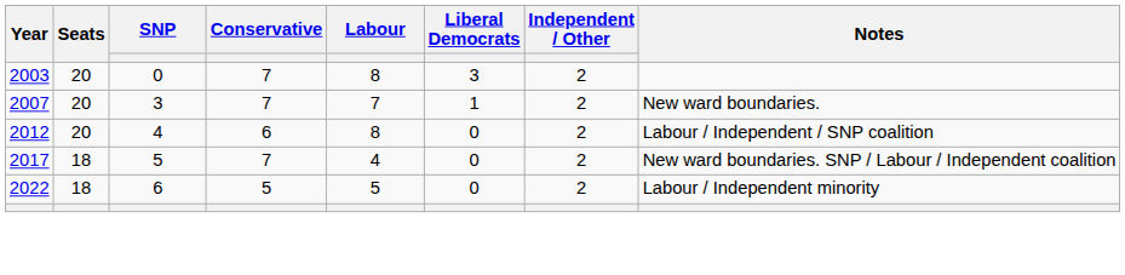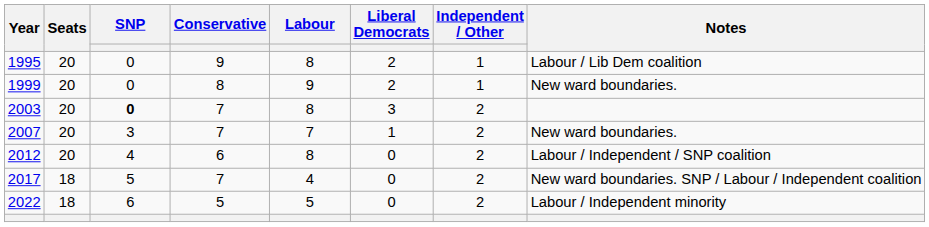 <table class="wikitable" style=text-align:center>
 <tr>
 <th rowspan=2><strong>Year</strong></th>
 <th rowspan=2><strong>Seats</strong></th>
 <th width="80"><a href='#'><strong>SNP</strong></a></th>
 <th width="80"><a href='#'><strong>Conservative</strong></a></th>
 <th width="80"><a href='#'><strong>Labour</strong></a></th>
 <th width="80"><a href='#'><strong>Liberal Democrats</strong></a></th>
 <th width="80"><a href='#'><strong>Independent / Other</strong></a></th>
 <th rowspan=2><strong>Notes</strong></th>
 </tr>
 <tr>
 <th style="background-color: "></th>
 <th style="background-color: "></th>
 <th style="background-color: "></th>
 <th style="background-color: "></th>
 <th style="background-color: "></th>
 </tr>
 <tr>
+<td><a href='#'>1995</a></td>
+<td>20</td>
+<td>0</td>
+<td>9</td>
+<td>8</td>
+<td>2</td>
+<td>1</td>
+<td align=left>Labour / Lib Dem coalition</td>
+</tr>
+<tr>
+<td><a href='#'>1999</a></td>
+<td>20</td>
+<td>0</td>
+<td>8</td>
+<td>9</td>
+<td>2</td>
+<td>1</td>
+<td align=left>New ward boundaries.</td>
+</tr>
+<tr>
 <td><a href='#'>2003</a></td>
 <td>20</td>
-<td>0</td>
+<td><strong>0</strong></td>
 <td>7</td>
 <td>8</td>
 <td>3</td>
 <td>2</td>
 <td align=left></td>
 </tr>
 <tr>
 <td><a href='#'>2007</a></td>
 <td>20</td>
 <td>3</td>
 <td>7</td>
 <td>7</td>
 <td>1</td>
 <td>2</td>
 <td align=left>New ward boundaries.</td>
 </tr>
 <tr>
 <td><a href='#'>2012</a></td>
 <td>20</td>
 <td>4</td>
 <td>6</td>
 <td>8</td>
 <td>0</td>
 <td>2</td>
 <td align=left>Labour / Independent / SNP coalition</td>
 </tr>
 <tr>
 <td><a href='#'>2017</a></td>
 <td>18</td>
 <td>5</td>
 <td>7</td>
 <td>4</td>
 <td>0</td>
 <td>2</td>
 <td align=left>New ward boundaries. SNP / Labour / Independent coalition</td>
 </tr>
 <tr>
 <td><a href='#'>2022</a></td>
 <td>18</td>
 <td>6</td>
 <td>5</td>
 <td>5</td>
 <td>0</td>
 <td>2</td>
 <td align=left>Labour / Independent minority</td>
 </tr>
 <tr>
 <th></th>
 <th></th>
 <th style="background-color: "></th>
 <th style="background-color: "></th>
 <th style="background-color: "></th>
 <th style="background-color: "></th>
 <th style="background-color: "></th>
 <th></th>
 </tr>
 </table>
